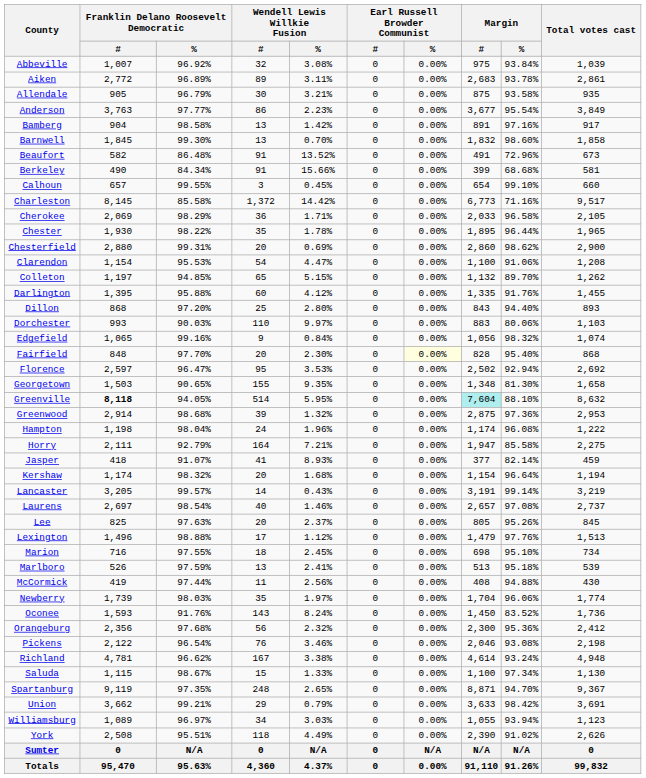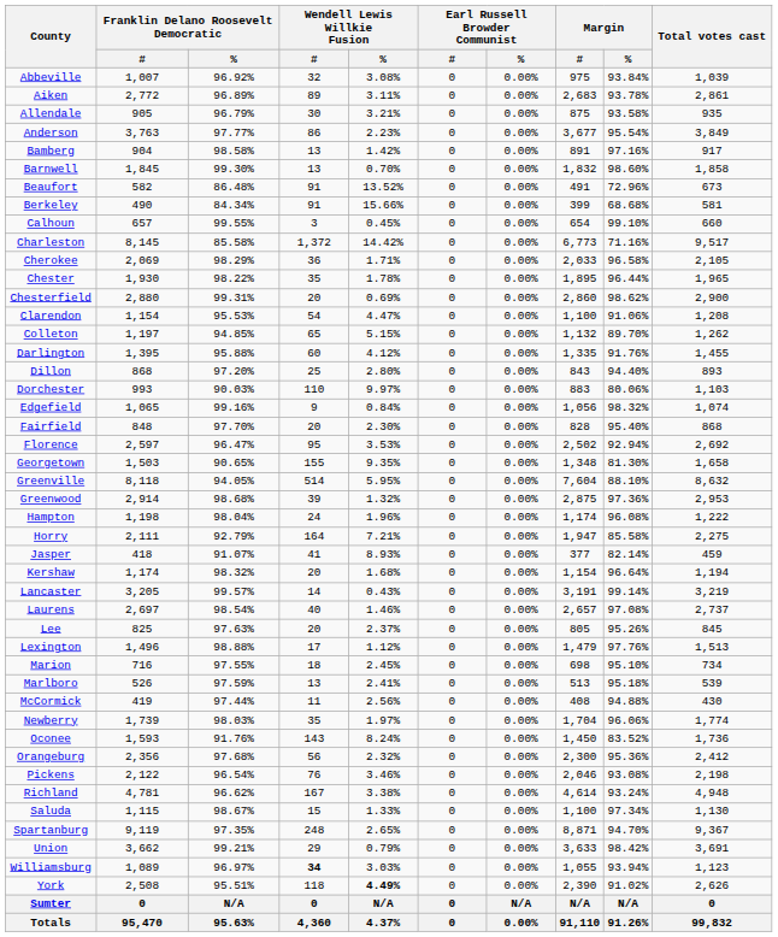 <table width="70%" class="wikitable sortable mw-collapsible mw-collapsed nowrap">
 <tr>
 <th rowspan="2">County</th>
 <th colspan="2">Franklin Delano Roosevelt<br>Democratic</th>
 <th colspan="2">Wendell Lewis Willkie<br>Fusion</th>
 <th colspan="2">Earl Russell Browder<br>Communist</th>
 <th colspan="2">Margin</th>
 <th rowspan="2" data-sort-type="number">Total votes cast</th>
 </tr>
 <tr bgcolor="lightgrey">
 <th data-sort-type="number">#</th>
 <th data-sort-type="number">%</th>
 <th width="9%" data-sort-type="number">#</th>
 <th width="9%" data-sort-type="number">%</th>
 <th width="9%" data-sort-type="number">#</th>
 <th width="9%" data-sort-type="number">%</th>
 <th data-sort-type="number">#</th>
 <th data-sort-type="number">%</th>
 </tr>
 <tr style="text-align:center;">
 <td><a href='#'>Abbeville</a></td>
 <td>1,007</td>
 <td>96.92%</td>
 <td>32</td>
 <td>3.08%</td>
 <td>0</td>
 <td>0.00%</td>
 <td>975</td>
 <td>93.84%</td>
 <td>1,039</td>
 </tr>
 <tr style="text-align:center;">
 <td><a href='#'>Aiken</a></td>
 <td>2,772</td>
 <td>96.89%</td>
 <td>89</td>
 <td>3.11%</td>
 <td>0</td>
 <td>0.00%</td>
 <td>2,683</td>
 <td>93.78%</td>
 <td>2,861</td>
 </tr>
 <tr style="text-align:center;">
 <td><a href='#'>Allendale</a></td>
 <td>905</td>
 <td>96.79%</td>
 <td>30</td>
 <td>3.21%</td>
 <td>0</td>
 <td>0.00%</td>
 <td>875</td>
 <td>93.58%</td>
 <td>935</td>
 </tr>
 <tr style="text-align:center;">
 <td><a href='#'>Anderson</a></td>
 <td>3,763</td>
 <td>97.77%</td>
 <td>86</td>
 <td>2.23%</td>
 <td>0</td>
 <td>0.00%</td>
 <td>3,677</td>
 <td>95.54%</td>
 <td>3,849</td>
 </tr>
 <tr style="text-align:center;">
 <td><a href='#'>Bamberg</a></td>
 <td>904</td>
 <td>98.58%</td>
 <td>13</td>
 <td>1.42%</td>
 <td>0</td>
 <td>0.00%</td>
 <td>891</td>
 <td>97.16%</td>
 <td>917</td>
 </tr>
 <tr style="text-align:center;">
 <td><a href='#'>Barnwell</a></td>
 <td>1,845</td>
 <td>99.30%</td>
 <td>13</td>
 <td>0.70%</td>
 <td>0</td>
 <td>0.00%</td>
 <td>1,832</td>
 <td>98.60%</td>
 <td>1,858</td>
 </tr>
 <tr style="text-align:center;">
 <td><a href='#'>Beaufort</a></td>
 <td>582</td>
 <td>86.48%</td>
 <td>91</td>
 <td>13.52%</td>
 <td>0</td>
 <td>0.00%</td>
 <td>491</td>
 <td>72.96%</td>
 <td>673</td>
 </tr>
 <tr style="text-align:center;">
 <td><a href='#'>Berkeley</a></td>
 <td>490</td>
 <td>84.34%</td>
 <td>91</td>
 <td>15.66%</td>
 <td>0</td>
 <td>0.00%</td>
 <td>399</td>
 <td>68.68%</td>
 <td>581</td>
 </tr>
 <tr style="text-align:center;">
 <td><a href='#'>Calhoun</a></td>
 <td>657</td>
 <td>99.55%</td>
 <td>3</td>
 <td>0.45%</td>
 <td>0</td>
 <td>0.00%</td>
 <td>654</td>
 <td>99.10%</td>
 <td>660</td>
 </tr>
 <tr style="text-align:center;">
 <td><a href='#'>Charleston</a></td>
 <td>8,145</td>
 <td>85.58%</td>
 <td>1,372</td>
 <td>14.42%</td>
 <td>0</td>
 <td>0.00%</td>
 <td>6,773</td>
 <td>71.16%</td>
 <td>9,517</td>
 </tr>
 <tr style="text-align:center;">
 <td><a href='#'>Cherokee</a></td>
 <td>2,069</td>
 <td>98.29%</td>
 <td>36</td>
 <td>1.71%</td>
 <td>0</td>
 <td>0.00%</td>
 <td>2,033</td>
 <td>96.58%</td>
 <td>2,105</td>
 </tr>
 <tr style="text-align:center;">
 <td><a href='#'>Chester</a></td>
 <td>1,930</td>
 <td>98.22%</td>
 <td>35</td>
 <td>1.78%</td>
 <td>0</td>
 <td>0.00%</td>
 <td>1,895</td>
 <td>96.44%</td>
 <td>1,965</td>
 </tr>
 <tr style="text-align:center;">
 <td><a href='#'>Chesterfield</a></td>
 <td>2,880</td>
 <td>99.31%</td>
 <td>20</td>
 <td>0.69%</td>
 <td>0</td>
 <td>0.00%</td>
 <td>2,860</td>
 <td>98.62%</td>
 <td>2,900</td>
 </tr>
 <tr style="text-align:center;">
 <td><a href='#'>Clarendon</a></td>
 <td>1,154</td>
 <td>95.53%</td>
 <td>54</td>
 <td>4.47%</td>
 <td>0</td>
 <td>0.00%</td>
 <td>1,100</td>
 <td>91.06%</td>
 <td>1,208</td>
 </tr>
 <tr style="text-align:center;">
 <td><a href='#'>Colleton</a></td>
 <td>1,197</td>
 <td>94.85%</td>
 <td>65</td>
 <td>5.15%</td>
 <td>0</td>
 <td>0.00%</td>
 <td>1,132</td>
 <td>89.70%</td>
 <td>1,262</td>
 </tr>
 <tr style="text-align:center;">
 <td><a href='#'>Darlington</a></td>
 <td>1,395</td>
 <td>95.88%</td>
 <td>60</td>
 <td>4.12%</td>
 <td>0</td>
 <td>0.00%</td>
 <td>1,335</td>
 <td>91.76%</td>
 <td>1,455</td>
 </tr>
 <tr style="text-align:center;">
 <td><a href='#'>Dillon</a></td>
 <td>868</td>
 <td>97.20%</td>
 <td>25</td>
 <td>2.80%</td>
 <td>0</td>
 <td>0.00%</td>
 <td>843</td>
 <td>94.40%</td>
 <td>893</td>
 </tr>
 <tr style="text-align:center;">
 <td><a href='#'>Dorchester</a></td>
 <td>993</td>
 <td>90.03%</td>
 <td>110</td>
 <td>9.97%</td>
 <td>0</td>
 <td>0.00%</td>
 <td>883</td>
 <td>80.06%</td>
 <td>1,103</td>
 </tr>
 <tr style="text-align:center;">
 <td><a href='#'>Edgefield</a></td>
 <td>1,065</td>
 <td>99.16%</td>
 <td>9</td>
 <td>0.84%</td>
 <td>0</td>
 <td>0.00%</td>
 <td>1,056</td>
 <td>98.32%</td>
 <td>1,074</td>
 </tr>
 <tr style="text-align:center;">
 <td><a href='#'>Fairfield</a></td>
 <td>848</td>
 <td>97.70%</td>
 <td>20</td>
 <td>2.30%</td>
 <td>0</td>
-<td style="background: lightyellow;">0.00%</td>
+<td>0.00%</td>
 <td>828</td>
 <td>95.40%</td>
 <td>868</td>
 </tr>
 <tr style="text-align:center;">
 <td><a href='#'>Florence</a></td>
 <td>2,597</td>
 <td>96.47%</td>
 <td>95</td>
 <td>3.53%</td>
 <td>0</td>
 <td>0.00%</td>
 <td>2,502</td>
 <td>92.94%</td>
 <td>2,692</td>
 </tr>
 <tr style="text-align:center;">
 <td><a href='#'>Georgetown</a></td>
 <td>1,503</td>
 <td>90.65%</td>
 <td>155</td>
 <td>9.35%</td>
 <td>0</td>
 <td>0.00%</td>
 <td>1,348</td>
 <td>81.30%</td>
 <td>1,658</td>
 </tr>
 <tr style="text-align:center;">
 <td><a href='#'>Greenville</a></td>
-<td><strong>8,118</strong></td>
+<td>8,118</td>
 <td>94.05%</td>
 <td>514</td>
 <td>5.95%</td>
 <td>0</td>
 <td>0.00%</td>
-<td style="background: paleturquoise;">7,604</td>
+<td>7,604</td>
 <td>88.10%</td>
 <td>8,632</td>
 </tr>
 <tr style="text-align:center;">
 <td><a href='#'>Greenwood</a></td>
 <td>2,914</td>
 <td>98.68%</td>
 <td>39</td>
 <td>1.32%</td>
 <td>0</td>
 <td>0.00%</td>
 <td>2,875</td>
 <td>97.36%</td>
 <td>2,953</td>
 </tr>
 <tr style="text-align:center;">
 <td><a href='#'>Hampton</a></td>
 <td>1,198</td>
 <td>98.04%</td>
 <td>24</td>
 <td>1.96%</td>
 <td>0</td>
 <td>0.00%</td>
 <td>1,174</td>
 <td>96.08%</td>
 <td>1,222</td>
 </tr>
 <tr style="text-align:center;">
 <td><a href='#'>Horry</a></td>
 <td>2,111</td>
 <td>92.79%</td>
 <td>164</td>
 <td>7.21%</td>
 <td>0</td>
 <td>0.00%</td>
 <td>1,947</td>
 <td>85.58%</td>
 <td>2,275</td>
 </tr>
 <tr style="text-align:center;">
 <td><a href='#'>Jasper</a></td>
 <td>418</td>
 <td>91.07%</td>
 <td>41</td>
 <td>8.93%</td>
 <td>0</td>
 <td>0.00%</td>
 <td>377</td>
 <td>82.14%</td>
 <td>459</td>
 </tr>
 <tr style="text-align:center;">
 <td><a href='#'>Kershaw</a></td>
 <td>1,174</td>
 <td>98.32%</td>
 <td>20</td>
 <td>1.68%</td>
 <td>0</td>
 <td>0.00%</td>
 <td>1,154</td>
 <td>96.64%</td>
 <td>1,194</td>
 </tr>
 <tr style="text-align:center;">
 <td><a href='#'>Lancaster</a></td>
 <td>3,205</td>
 <td>99.57%</td>
 <td>14</td>
 <td>0.43%</td>
 <td>0</td>
 <td>0.00%</td>
 <td>3,191</td>
 <td>99.14%</td>
 <td>3,219</td>
 </tr>
 <tr style="text-align:center;">
 <td><a href='#'>Laurens</a></td>
 <td>2,697</td>
 <td>98.54%</td>
 <td>40</td>
 <td>1.46%</td>
 <td>0</td>
 <td>0.00%</td>
 <td>2,657</td>
 <td>97.08%</td>
 <td>2,737</td>
 </tr>
 <tr style="text-align:center;">
 <td><a href='#'>Lee</a></td>
 <td>825</td>
 <td>97.63%</td>
 <td>20</td>
 <td>2.37%</td>
 <td>0</td>
 <td>0.00%</td>
 <td>805</td>
 <td>95.26%</td>
 <td>845</td>
 </tr>
 <tr style="text-align:center;">
 <td><a href='#'>Lexington</a></td>
 <td>1,496</td>
 <td>98.88%</td>
 <td>17</td>
 <td>1.12%</td>
 <td>0</td>
 <td>0.00%</td>
 <td>1,479</td>
 <td>97.76%</td>
 <td>1,513</td>
 </tr>
 <tr style="text-align:center;">
 <td><a href='#'>Marion</a></td>
 <td>716</td>
 <td>97.55%</td>
 <td>18</td>
 <td>2.45%</td>
 <td>0</td>
 <td>0.00%</td>
 <td>698</td>
 <td>95.10%</td>
 <td>734</td>
 </tr>
 <tr style="text-align:center;">
 <td><a href='#'>Marlboro</a></td>
 <td>526</td>
 <td>97.59%</td>
 <td>13</td>
 <td>2.41%</td>
 <td>0</td>
 <td>0.00%</td>
 <td>513</td>
 <td>95.18%</td>
 <td>539</td>
 </tr>
 <tr style="text-align:center;">
 <td><a href='#'>McCormick</a></td>
 <td>419</td>
 <td>97.44%</td>
 <td>11</td>
 <td>2.56%</td>
 <td>0</td>
 <td>0.00%</td>
 <td>408</td>
 <td>94.88%</td>
 <td>430</td>
 </tr>
 <tr style="text-align:center;">
 <td><a href='#'>Newberry</a></td>
 <td>1,739</td>
 <td>98.03%</td>
 <td>35</td>
 <td>1.97%</td>
 <td>0</td>
 <td>0.00%</td>
 <td>1,704</td>
 <td>96.06%</td>
 <td>1,774</td>
 </tr>
 <tr style="text-align:center;">
 <td><a href='#'>Oconee</a></td>
 <td>1,593</td>
 <td>91.76%</td>
 <td>143</td>
 <td>8.24%</td>
 <td>0</td>
 <td>0.00%</td>
 <td>1,450</td>
 <td>83.52%</td>
 <td>1,736</td>
 </tr>
 <tr style="text-align:center;">
 <td><a href='#'>Orangeburg</a></td>
 <td>2,356</td>
 <td>97.68%</td>
 <td>56</td>
 <td>2.32%</td>
 <td>0</td>
 <td>0.00%</td>
 <td>2,300</td>
 <td>95.36%</td>
 <td>2,412</td>
 </tr>
 <tr style="text-align:center;">
 <td><a href='#'>Pickens</a></td>
 <td>2,122</td>
 <td>96.54%</td>
 <td>76</td>
 <td>3.46%</td>
 <td>0</td>
 <td>0.00%</td>
 <td>2,046</td>
 <td>93.08%</td>
 <td>2,198</td>
 </tr>
 <tr style="text-align:center;">
 <td><a href='#'>Richland</a></td>
 <td>4,781</td>
 <td>96.62%</td>
 <td>167</td>
 <td>3.38%</td>
 <td>0</td>
 <td>0.00%</td>
 <td>4,614</td>
 <td>93.24%</td>
 <td>4,948</td>
 </tr>
 <tr style="text-align:center;">
 <td><a href='#'>Saluda</a></td>
 <td>1,115</td>
 <td>98.67%</td>
 <td>15</td>
 <td>1.33%</td>
 <td>0</td>
 <td>0.00%</td>
 <td>1,100</td>
 <td>97.34%</td>
 <td>1,130</td>
 </tr>
 <tr style="text-align:center;">
 <td><a href='#'>Spartanburg</a></td>
 <td>9,119</td>
 <td>97.35%</td>
 <td>248</td>
 <td>2.65%</td>
 <td>0</td>
 <td>0.00%</td>
 <td>8,871</td>
 <td>94.70%</td>
 <td>9,367</td>
 </tr>
 <tr style="text-align:center;">
 <td><a href='#'>Union</a></td>
 <td>3,662</td>
 <td>99.21%</td>
 <td>29</td>
 <td>0.79%</td>
 <td>0</td>
 <td>0.00%</td>
 <td>3,633</td>
 <td>98.42%</td>
 <td>3,691</td>
 </tr>
 <tr style="text-align:center;">
 <td><a href='#'>Williamsburg</a></td>
 <td>1,089</td>
 <td>96.97%</td>
-<td>34</td>
+<td><strong>34</strong></td>
 <td>3.03%</td>
 <td>0</td>
 <td>0.00%</td>
 <td>1,055</td>
 <td>93.94%</td>
 <td>1,123</td>
 </tr>
 <tr style="text-align:center;">
 <td><a href='#'>York</a></td>
 <td>2,508</td>
 <td>95.51%</td>
 <td>118</td>
-<td>4.49%</td>
+<td><strong>4.49%</strong></td>
 <td>0</td>
 <td>0.00%</td>
 <td>2,390</td>
 <td>91.02%</td>
 <td>2,626</td>
 </tr>
 <tr style="text-align:center;">
 <th><a href='#'>Sumter</a></th>
 <th>0</th>
 <th>N/A</th>
 <th>0</th>
 <th>N/A</th>
 <th>0</th>
 <th>N/A</th>
 <th>N/A</th>
 <th>N/A</th>
 <th>0</th>
 </tr>
 <tr style="text-align:center;">
 <th>Totals</th>
 <th>95,470</th>
 <th>95.63%</th>
 <th>4,360</th>
 <th>4.37%</th>
 <th>0</th>
 <th>0.00%</th>
 <th>91,110</th>
 <th>91.26%</th>
 <th>99,832</th>
 </tr>
 </table>
